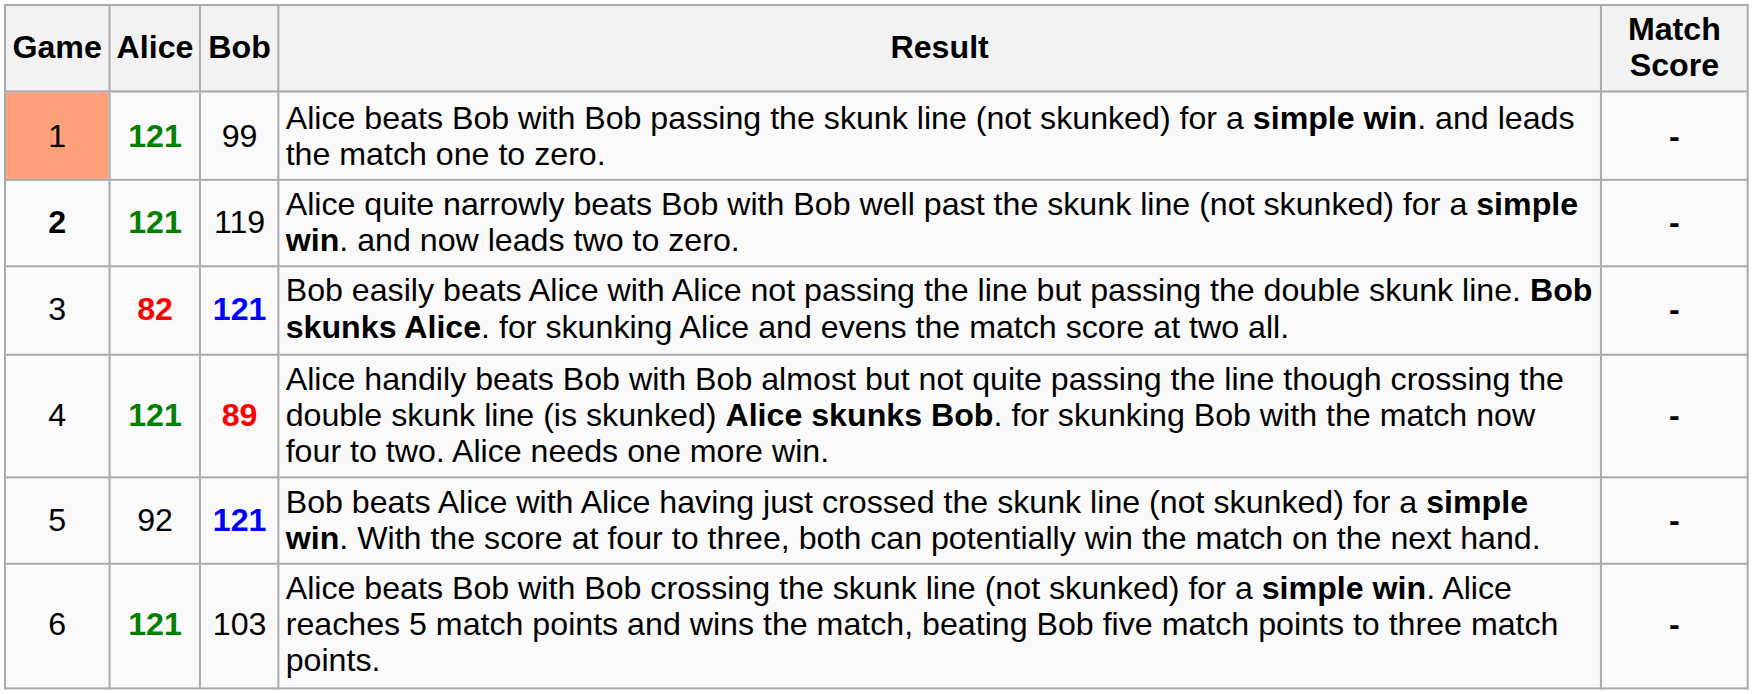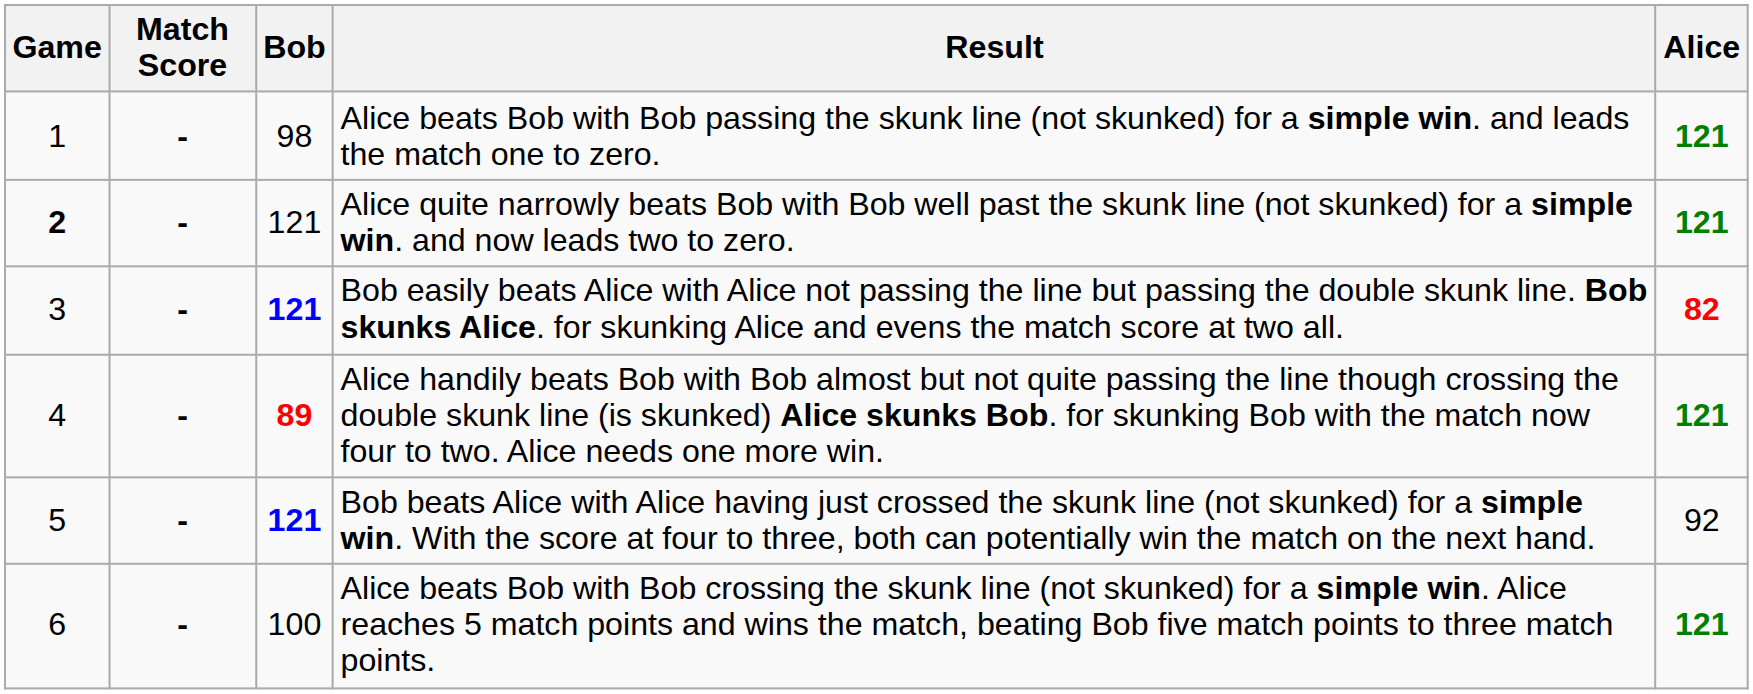 <table class="wikitable">
 <tr>
 <th>Game</th>
-<th>Alice</th>
+<th>Match Score</th>
 <th>Bob</th>
 <th>Result</th>
-<th>Match Score</th>
+<th>Alice</th>
 </tr>
 <tr>
-<td align=center style="background: lightsalmon;">1</td>
+<td align=center>1</td>
+<td align=center><strong>-</strong></td>
+<td align=center>98</td>
+<td>Alice beats Bob with Bob passing the skunk line (not skunked) for a <strong>simple win</strong>. <strong></strong> and leads the match one to zero.</td>
 <td align=center style="color: green;"><strong>121</strong></td>
-<td align=center>99</td>
-<td>Alice beats Bob with Bob passing the skunk line (not skunked) for a <strong>simple win</strong>. <strong></strong> and leads the match one to zero.</td>
-<td align=center><strong>-</strong></td>
 </tr>
 <tr>
 <td align=center><strong>2</strong></td>
+<td align=center><strong> -</strong></td>
+<td align=center>121</td>
+<td>Alice quite narrowly beats Bob with Bob well past the skunk line (not skunked) for a <strong>simple win</strong>. <strong></strong> and now leads two to zero.</td>
 <td align=center style="color: green;"><strong>121</strong></td>
-<td align=center>119</td>
-<td>Alice quite narrowly beats Bob with Bob well past the skunk line (not skunked) for a <strong>simple win</strong>. <strong></strong> and now leads two to zero.</td>
-<td align=center><strong> -</strong></td>
 </tr>
 <tr>
 <td align=center>3</td>
-<td align=center style="color: red;"><strong>82</strong></td>
+<td align=center><strong>-</strong></td>
 <td align=center style="color: blue;"><strong>121</strong></td>
 <td>Bob easily beats Alice with Alice not passing the <strong></strong> line but passing the double skunk line. <strong>Bob skunks Alice</strong>. <strong></strong> for skunking Alice and evens the match score at two all.</td>
-<td align=center><strong>-</strong></td>
+<td align=center style="color: red;"><strong>82</strong></td>
 </tr>
 <tr>
 <td align=center>4</td>
-<td align=center style="color: green;"><strong>121</strong></td>
+<td align=center><strong>-</strong></td>
 <td align=center style="color: red;"><strong>89</strong></td>
 <td>Alice handily beats Bob with Bob almost but not quite passing the <strong></strong> line though crossing the double skunk line (is skunked) <strong>Alice skunks Bob</strong>. <strong></strong> for skunking Bob with the match now four to two. Alice needs one more win.</td>
-<td align=center><strong>-</strong></td>
+<td align=center style="color: green;"><strong>121</strong></td>
 </tr>
 <tr>
 <td align=center>5</td>
-<td align=center>92</td>
+<td align=center><strong>-</strong></td>
 <td align=center  style="color: blue;"><strong>121</strong></td>
 <td>Bob beats Alice with Alice having just crossed the skunk line (not skunked) for a <strong>simple win</strong>. <strong></strong> With the score at four to three, both can potentially win the match on the next hand.</td>
-<td align=center><strong>-</strong></td>
+<td align=center>92</td>
 </tr>
 <tr>
 <td align=center>6</td>
+<td align=center><strong>-</strong></td>
+<td align=center>100</td>
+<td>Alice beats Bob with Bob crossing the skunk line (not skunked) for a <strong>simple win</strong>. <strong></strong> Alice reaches 5 match points and wins the match, beating Bob five match points to three match points.</td>
 <td align=center style="color: green;"><strong>121</strong></td>
-<td align=center>103</td>
-<td>Alice beats Bob with Bob crossing the skunk line (not skunked) for a <strong>simple win</strong>. <strong></strong> Alice reaches 5 match points and wins the match, beating Bob five match points to three match points.</td>
-<td align=center><strong>-</strong></td>
 </tr>
 </table>
